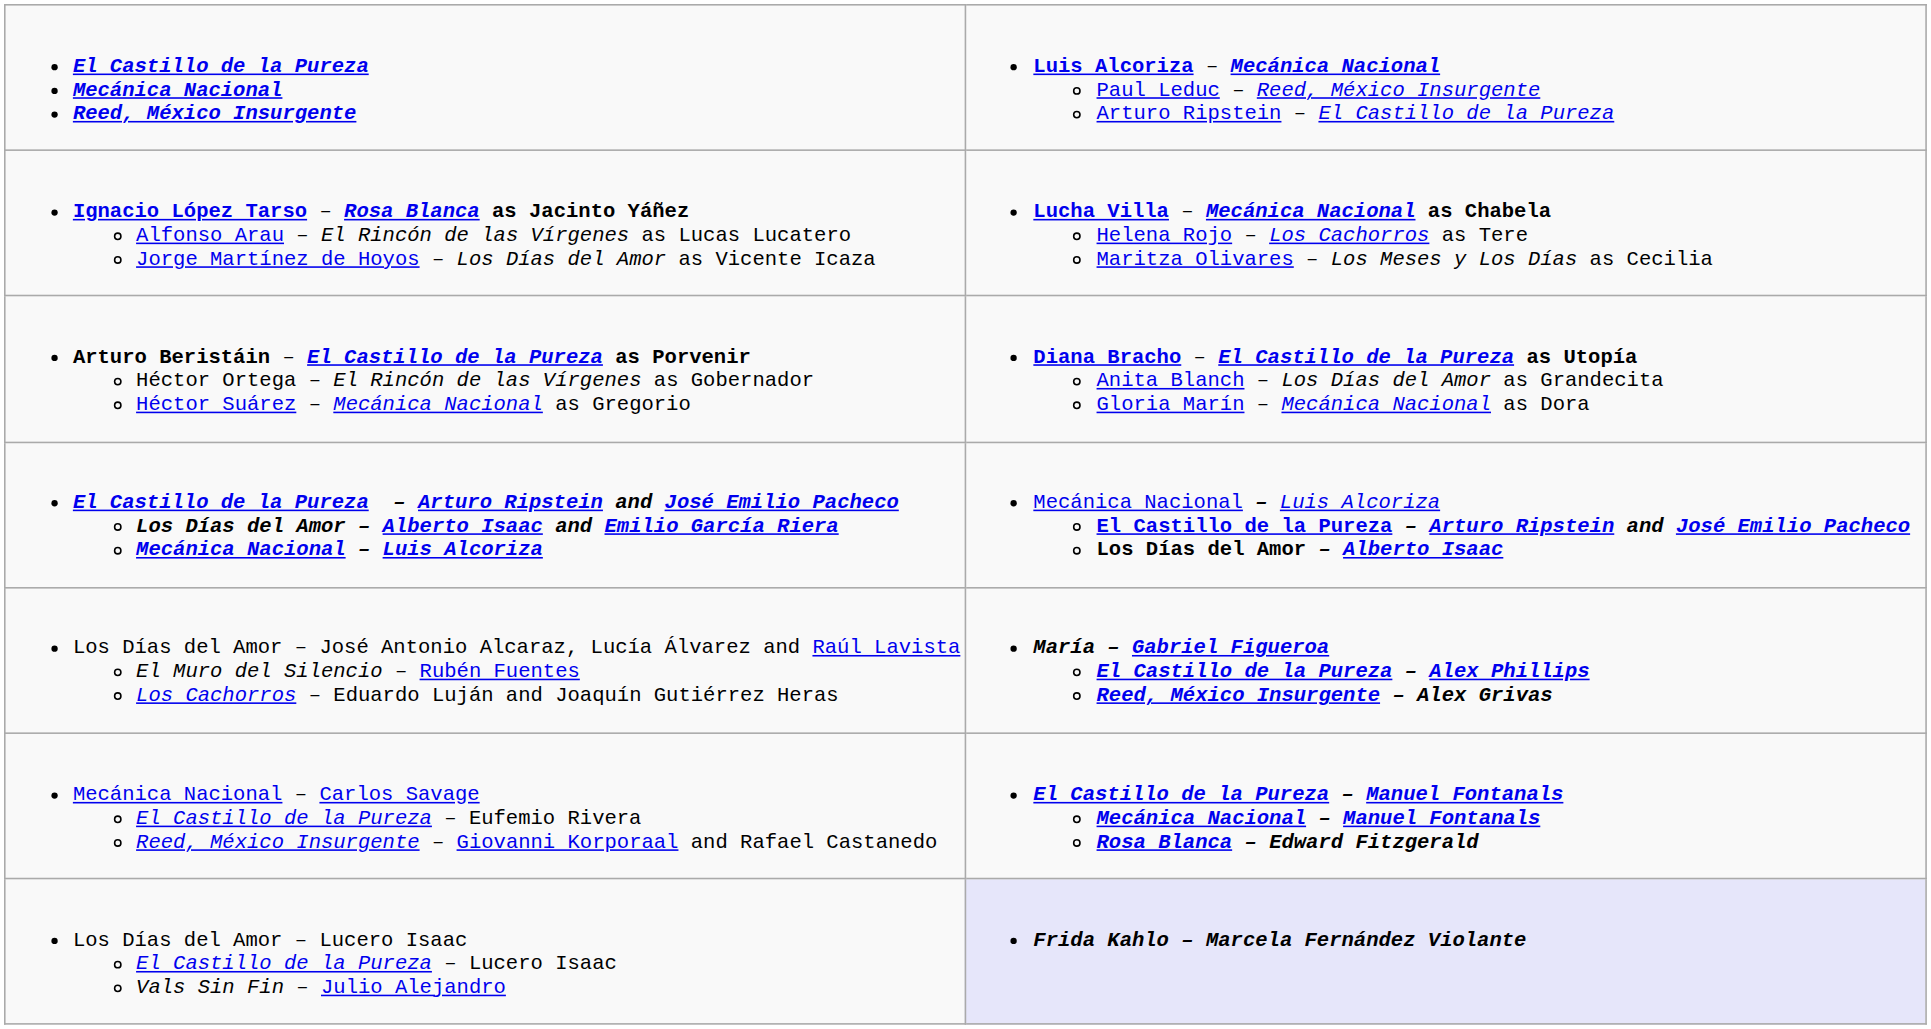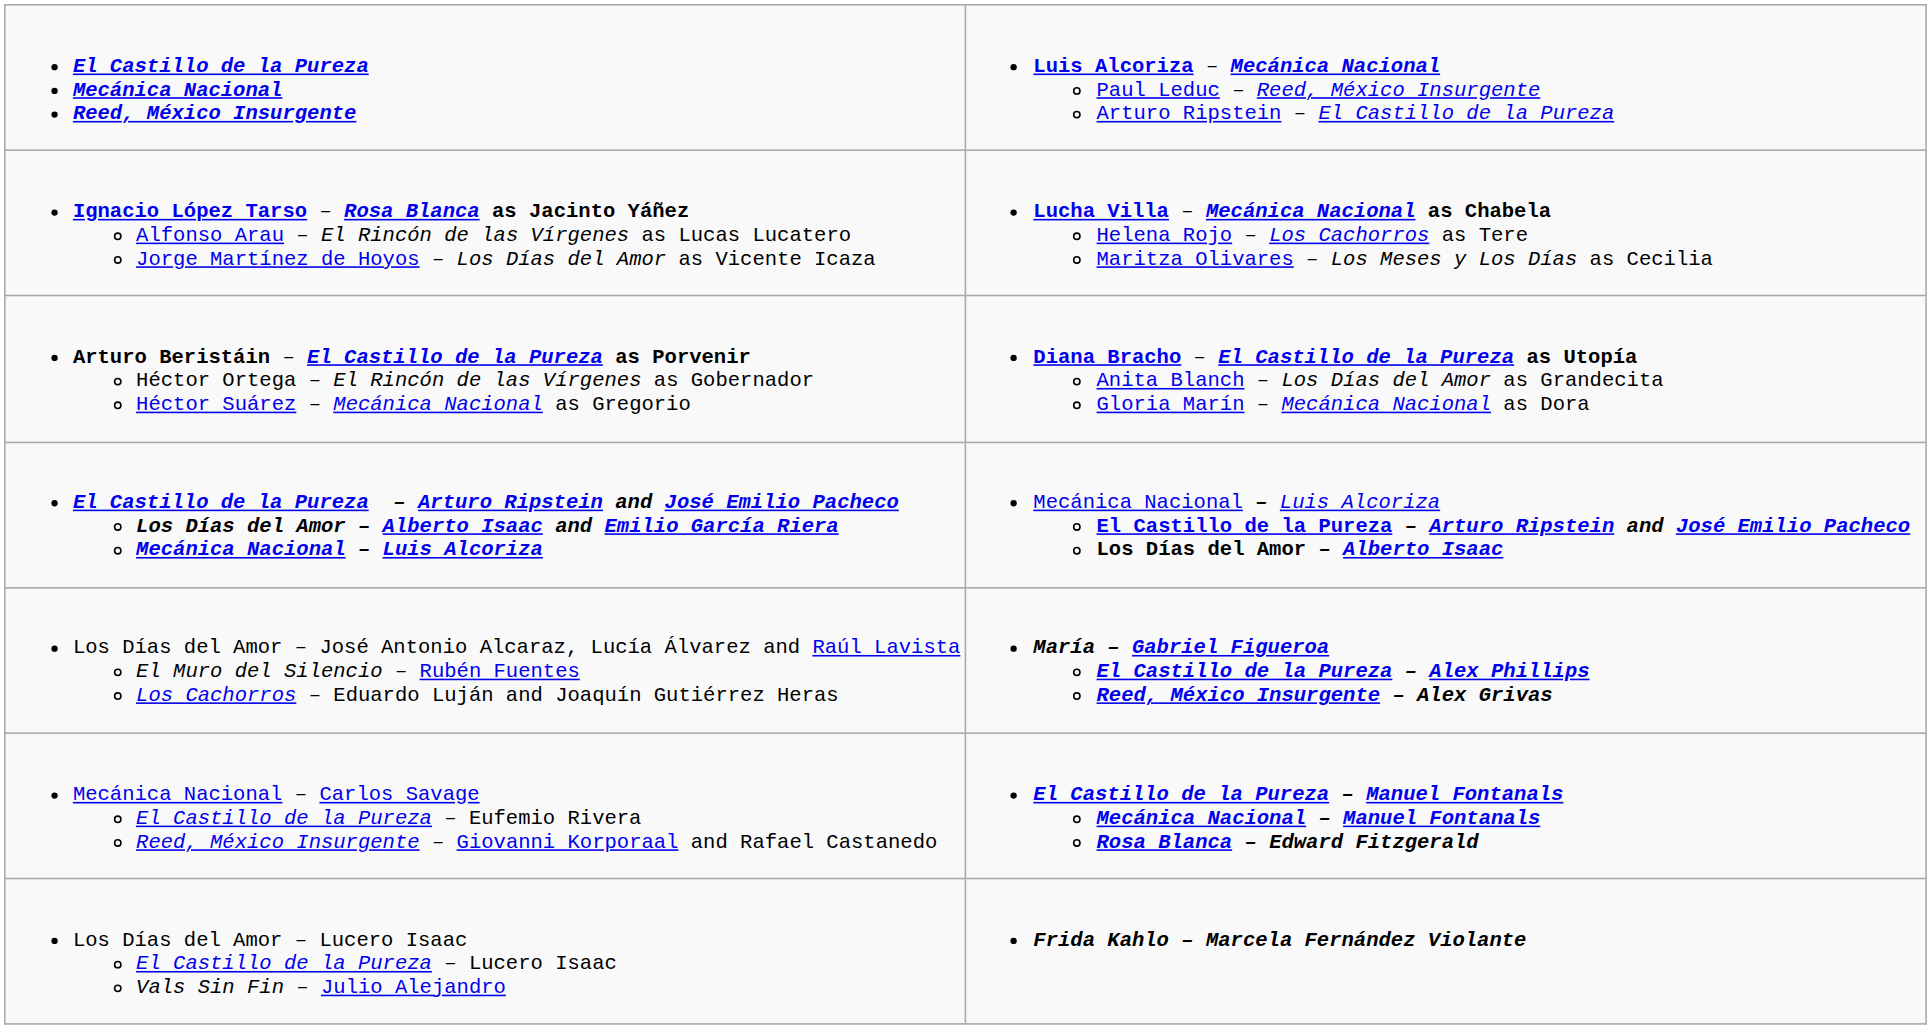 <table class=wikitable>
 <tr>
 <td style="vertical-align:top; width:50%;"><br><ul><li><strong><em><a href='#'>El Castillo de la Pureza</a></em></strong></li><li><strong><em><a href='#'>Mecánica Nacional</a></em></strong></li><li><strong><em><a href='#'>Reed, México Insurgente</a></em></strong></li></ul></td>
 <td style="vertical-align:top; width:50%;"><br><ul><li><strong><a href='#'>Luis Alcoriza</a></strong> – <strong><em><a href='#'>Mecánica Nacional</a></em></strong><ul><li><a href='#'>Paul Leduc</a> – <em><a href='#'>Reed, México Insurgente</a></em></li><li><a href='#'>Arturo Ripstein</a> – <em><a href='#'>El Castillo de la Pureza</a></em></li></ul></li></ul></td>
 </tr>
 <tr>
 <td style="vertical-align:top; width:50%;"><br><ul><li><strong><a href='#'>Ignacio López Tarso</a></strong> – <strong><em><a href='#'>Rosa Blanca</a></em></strong> <strong>as Jacinto Yáñez</strong><ul><li><a href='#'>Alfonso Arau</a> – <em>El Rincón de las Vírgenes</em> as Lucas Lucatero</li><li><a href='#'>Jorge Martínez de Hoyos</a> – <em>Los Días del Amor</em> as Vicente Icaza</li></ul></li></ul></td>
 <td style="vertical-align:top; width:50%;"><br><ul><li><strong><a href='#'>Lucha Villa</a></strong> – <strong><em><a href='#'>Mecánica Nacional</a></em></strong> <strong>as Chabela</strong><ul><li><a href='#'>Helena Rojo</a> – <em><a href='#'>Los Cachorros</a></em> as Tere</li><li><a href='#'>Maritza Olivares</a> – <em>Los Meses y Los Días</em> as Cecilia</li></ul></li></ul></td>
 </tr>
 <tr>
 <td style="vertical-align:top; width:50%;"><br><ul><li><strong>Arturo Beristáin</strong> – <strong><em><a href='#'>El Castillo de la Pureza</a></em></strong> <strong>as Porvenir</strong><ul><li>Héctor Ortega – <em>El Rincón de las Vírgenes</em> as Gobernador</li><li><a href='#'>Héctor Suárez</a> – <em><a href='#'>Mecánica Nacional</a></em> as Gregorio</li></ul></li></ul></td>
 <td style="vertical-align:top; width:50%;"><br><ul><li><strong><a href='#'>Diana Bracho</a></strong> – <strong><em><a href='#'>El Castillo de la Pureza</a></em></strong> <strong>as Utopía</strong><ul><li><a href='#'>Anita Blanch</a> – <em>Los Días del Amor</em> as Grandecita</li><li><a href='#'>Gloria Marín</a> – <em><a href='#'>Mecánica Nacional</a></em> as Dora</li></ul></li></ul></td>
 </tr>
 <tr>
 <td style="vertical-align:top; width:50%;"><br><ul><li><strong><em><a href='#'>El Castillo de la Pureza</a><em>  – <a href='#'>Arturo Ripstein</a> and <a href='#'>José Emilio Pacheco</a><strong><ul><li></em>Los Días del Amor<em> – <a href='#'>Alberto Isaac</a> and <a href='#'>Emilio García Riera</a></li><li></em><a href='#'>Mecánica Nacional</a><em> – <a href='#'>Luis Alcoriza</a></li></ul></li></ul></td>
 <td style="vertical-align:top; width:50%;"><br><ul><li></em></strong><a href='#'>Mecánica Nacional</a><strong><em> – </strong><a href='#'>Luis Alcoriza</a><strong><ul><li></em><a href='#'>El Castillo de la Pureza</a><em> – <a href='#'>Arturo Ripstein</a> and <a href='#'>José Emilio Pacheco</a></li><li></em>Los Días del Amor<em> – <a href='#'>Alberto Isaac</a></li></ul></li></ul></td>
 </tr>
 <tr>
 <td valign="top"><br><ul><li></em></strong>Los Días del Amor</em> – José Antonio Alcaraz, Lucía Álvarez and <a href='#'>Raúl Lavista</a></strong><ul><li><em>El Muro del Silencio</em> – <a href='#'>Rubén Fuentes</a></li><li><em><a href='#'>Los Cachorros</a></em> – Eduardo Luján and Joaquín Gutiérrez Heras</li></ul></li></ul></td>
 <td valign="top"><br><ul><li><strong><em>María<em> – <a href='#'>Gabriel Figueroa</a><strong><ul><li></em><a href='#'>El Castillo de la Pureza</a><em> – <a href='#'>Alex Phillips</a></li><li></em><a href='#'>Reed, México Insurgente</a><em> – Alex Grivas</li></ul></li></ul></td>
 </tr>
 <tr>
 <td valign="top"><br><ul><li></em></strong><a href='#'>Mecánica Nacional</a></em> – <a href='#'>Carlos Savage</a></strong><ul><li><em><a href='#'>El Castillo de la Pureza</a></em> – Eufemio Rivera</li><li><em><a href='#'>Reed, México Insurgente</a></em> – <a href='#'>Giovanni Korporaal</a> and Rafael Castanedo</li></ul></li></ul></td>
 <td valign="top"><br><ul><li><strong><em><a href='#'>El Castillo de la Pureza</a><em> – <a href='#'>Manuel Fontanals</a><strong><ul><li></em><a href='#'>Mecánica Nacional</a><em> – <a href='#'>Manuel Fontanals</a></li><li></em><a href='#'>Rosa Blanca</a><em> – Edward Fitzgerald</li></ul></li></ul></td>
 </tr>
 <tr>
 <td valign="top"><br><ul><li></em></strong>Los Días del Amor</em> – Lucero Isaac</strong><ul><li><em><a href='#'>El Castillo de la Pureza</a></em> – Lucero Isaac</li><li><em>Vals Sin Fin</em> – <a href='#'>Julio Alejandro</a></li></ul></li></ul></td>
-<td valign="top" style="background: lavender;"><br><ul><li><strong><em>Frida Kahlo<em> – Marcela Fernández Violante<strong></li></ul></td>
+<td valign="top"><br><ul><li><strong><em>Frida Kahlo<em> – Marcela Fernández Violante<strong></li></ul></td>
 </tr>
 </table>
